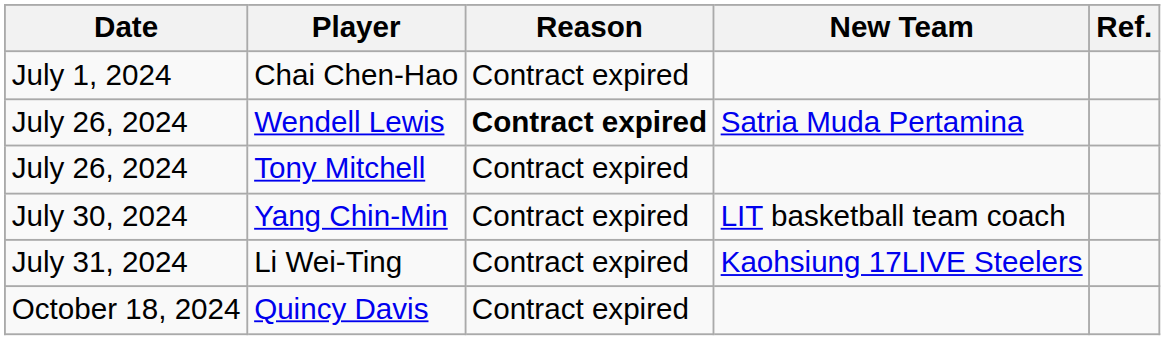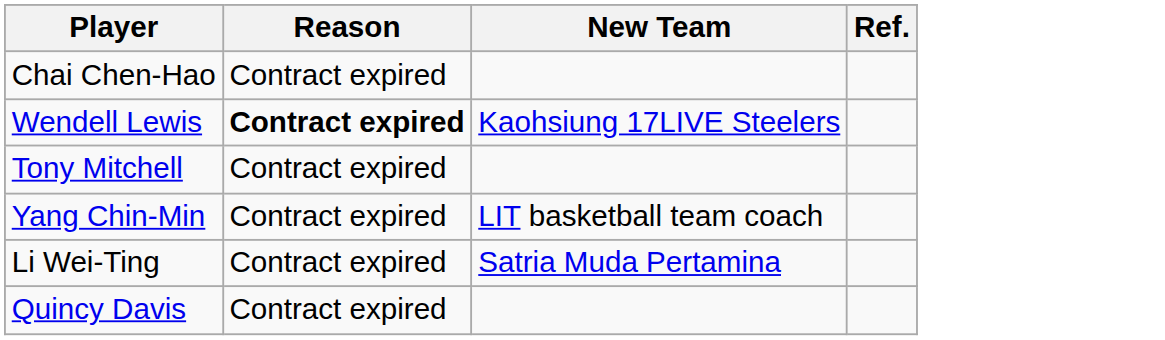 <table class="wikitable">
 <tr>
-<th>Date</th>
 <th>Player</th>
 <th>Reason</th>
 <th>New Team</th>
 <th>Ref.</th>
 </tr>
 <tr>
-<td>July 1, 2024</td>
 <td>Chai Chen-Hao</td>
 <td>Contract expired</td>
 <td></td>
 <td></td>
 </tr>
 <tr>
-<td>July 26, 2024</td>
 <td><a href='#'>Wendell Lewis</a></td>
 <td><strong>Contract expired</strong></td>
-<td> <a href='#'>Satria Muda Pertamina</a></td>
+<td> <a href='#'>Kaohsiung 17LIVE Steelers</a></td>
 <td></td>
 </tr>
 <tr>
-<td>July 26, 2024</td>
 <td><a href='#'>Tony Mitchell</a></td>
 <td>Contract expired</td>
 <td></td>
 <td></td>
 </tr>
 <tr>
-<td>July 30, 2024</td>
 <td><a href='#'>Yang Chin-Min</a></td>
 <td>Contract expired</td>
 <td> <a href='#'>LIT</a> basketball team coach</td>
 <td></td>
 </tr>
 <tr>
-<td>July 31, 2024</td>
 <td>Li Wei-Ting</td>
 <td>Contract expired</td>
-<td> <a href='#'>Kaohsiung 17LIVE Steelers</a></td>
+<td> <a href='#'>Satria Muda Pertamina</a></td>
 <td></td>
 </tr>
 <tr>
-<td>October 18, 2024</td>
 <td><a href='#'>Quincy Davis</a></td>
 <td>Contract expired</td>
 <td></td>
 <td></td>
 </tr>
 </table>
